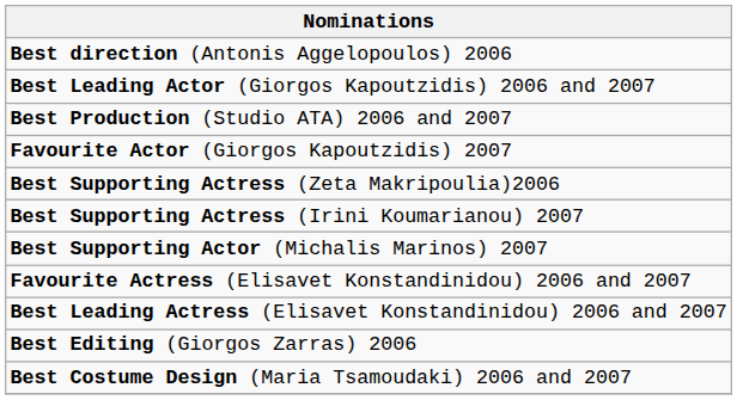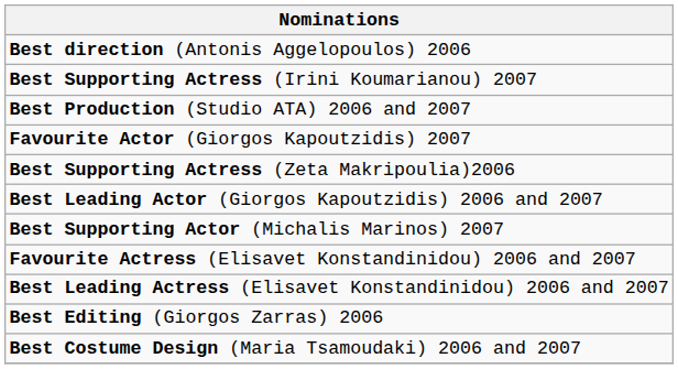 <table class="wikitable">
 <tr>
 <th>Nominations</th>
 </tr>
 <tr>
 <td><strong>Best direction</strong> (Antonis Aggelopoulos) 2006</td>
 </tr>
 <tr>
-<td><strong>Best Leading Actor</strong> (Giorgos Kapoutzidis) 2006 and 2007</td>
+<td><strong>Best Supporting Actress</strong> (Irini Koumarianou) 2007</td>
 </tr>
 <tr>
 <td><strong>Best Production</strong> (Studio ATA) 2006 and 2007</td>
 </tr>
 <tr>
 <td><strong>Favourite Actor</strong> (Giorgos Kapoutzidis) 2007</td>
 </tr>
 <tr>
 <td><strong>Best Supporting Actress</strong> (Zeta Makripoulia)2006</td>
 </tr>
 <tr>
-<td><strong>Best Supporting Actress</strong> (Irini Koumarianou) 2007</td>
+<td><strong>Best Leading Actor</strong> (Giorgos Kapoutzidis) 2006 and 2007</td>
 </tr>
 <tr>
 <td><strong>Best Supporting Actor</strong> (Michalis Marinos) 2007</td>
 </tr>
 <tr>
 <td><strong>Favourite Actress</strong> (Elisavet Konstandinidou) 2006 and 2007</td>
 </tr>
 <tr>
 <td><strong>Best Leading Actress</strong> (Elisavet Konstandinidou) 2006 and 2007</td>
 </tr>
 <tr>
 <td><strong>Best Editing</strong> (Giorgos Zarras) 2006</td>
 </tr>
 <tr>
 <td><strong>Best Costume Design</strong> (Maria Tsamoudaki) 2006 and 2007</td>
 </tr>
 <tr>
 </tr>
 </table>
